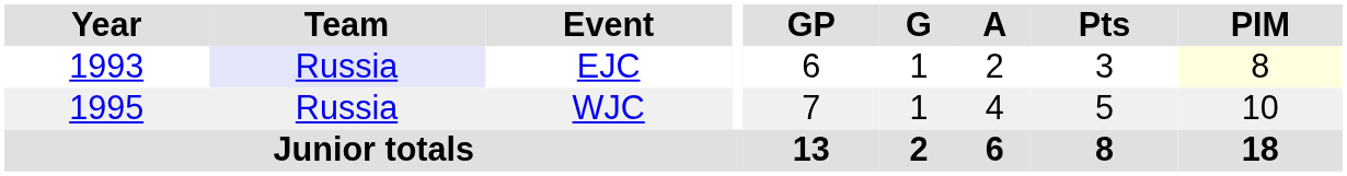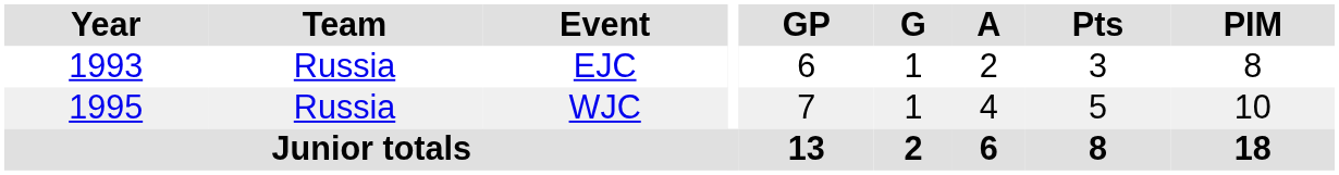 <table border="0" cellpadding="1" cellspacing="0" ID="Table3" style="text-align:center; width:40em">
 <tr bgcolor="#e0e0e0">
 <th>Year</th>
 <th>Team</th>
 <th>Event</th>
 <th rowspan="102" bgcolor="#ffffff"></th>
 <th>GP</th>
 <th>G</th>
 <th>A</th>
 <th>Pts</th>
 <th>PIM</th>
 </tr>
 <tr>
 <td><a href='#'>1993</a></td>
-<td style="background: lavender;"><a href='#'>Russia</a></td>
+<td><a href='#'>Russia</a></td>
 <td><a href='#'>EJC</a></td>
 <td>6</td>
 <td>1</td>
 <td>2</td>
 <td>3</td>
-<td style="background: lightyellow;">8</td>
+<td>8</td>
 </tr>
 <tr bgcolor="#f0f0f0">
 <td><a href='#'>1995</a></td>
 <td><a href='#'>Russia</a></td>
 <td><a href='#'>WJC</a></td>
 <td>7</td>
 <td>1</td>
 <td>4</td>
 <td>5</td>
 <td>10</td>
 </tr>
 <tr bgcolor="#e0e0e0">
 <th colspan="4">Junior totals</th>
 <th>13</th>
 <th>2</th>
 <th>6</th>
 <th>8</th>
 <th>18</th>
 </tr>
 </table>
